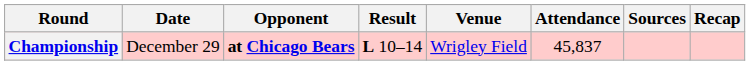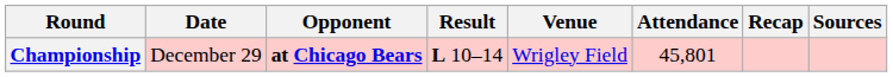 <table class="wikitable" style="text-align:center">
 <tr>
 <th>Round</th>
 <th>Date</th>
 <th>Opponent</th>
 <th>Result</th>
 <th>Venue</th>
 <th>Attendance</th>
+<th>Recap</th>
 <th>Sources</th>
-<th>Recap</th>
 </tr>
 <tr style="background:#fcc">
 <th><a href='#'>Championship</a></th>
 <td>December 29</td>
 <td><strong>at <a href='#'>Chicago Bears</a></strong></td>
 <td><strong>L</strong> 10–14</td>
 <td><a href='#'>Wrigley Field</a></td>
-<td>45,837</td>
+<td>45,801</td>
 <td></td>
 <td></td>
 </tr>
 </table>
